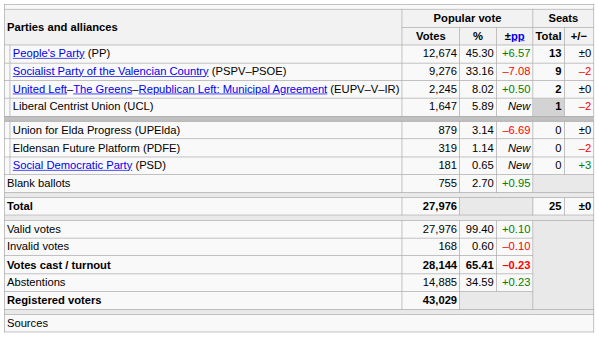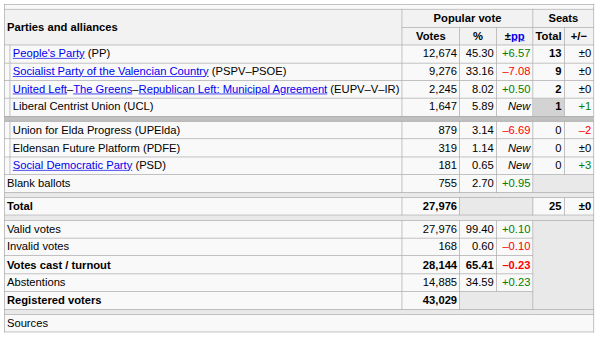 <table class="wikitable" style="text-align:right;">
 <tr>
 <td colspan="7"></td>
 </tr>
 <tr>
 <th style="text-align:left;" rowspan="2" colspan="2" width="525">Parties and alliances</th>
 <th colspan="3">Popular vote</th>
 <th colspan="2">Seats</th>
 </tr>
 <tr>
 <th width="75">Votes</th>
 <th width="45">%</th>
 <th width="45">±<a href='#'>pp</a></th>
 <th width="35">Total</th>
 <th width="35">+/−</th>
 </tr>
 <tr>
 <td width="1" style="color:inherit;background:"></td>
 <td align="left"><a href='#'>People's Party</a> (PP)</td>
 <td>12,674</td>
 <td>45.30</td>
 <td style="color:green;">+6.57</td>
 <td><strong>13</strong></td>
 <td>±0</td>
 </tr>
 <tr>
 <td style="color:inherit;background:"></td>
 <td align="left"><a href='#'>Socialist Party of the Valencian Country</a> (PSPV–PSOE)</td>
 <td>9,276</td>
 <td>33.16</td>
 <td style="color:red;">–7.08</td>
 <td><strong>9</strong></td>
-<td style="color:red;">–2</td>
+<td>±0</td>
 </tr>
 <tr>
 <td style="color:inherit;background:"></td>
 <td align="left"><a href='#'>United Left</a>–<a href='#'>The Greens</a>–<a href='#'>Republican Left: Municipal Agreement</a> (EUPV–V–IR)</td>
 <td>2,245</td>
 <td>8.02</td>
 <td style="color:green;">+0.50</td>
 <td><strong>2</strong></td>
 <td>±0</td>
 </tr>
 <tr>
 <td style="color:inherit;background:"></td>
 <td align="left">Liberal Centrist Union (UCL)</td>
 <td>1,647</td>
 <td>5.89</td>
 <td><em>New</em></td>
 <td style="background: lightgrey;"><strong>1</strong></td>
-<td style="color:red;">–2</td>
+<td style="color:green;">+1</td>
 </tr>
 <tr>
 <td colspan="7" bgcolor="#C0C0C0"></td>
 </tr>
 <tr>
 <td style="color:inherit;background:"></td>
 <td align="left">Union for Elda Progress (UPElda)</td>
 <td>879</td>
 <td>3.14</td>
 <td style="color:red;">–6.69</td>
 <td>0</td>
-<td>±0</td>
+<td style="color:red;">–2</td>
 </tr>
 <tr>
 <td bgcolor="white"></td>
 <td align="left">Eldensan Future Platform (PDFE)</td>
 <td>319</td>
 <td>1.14</td>
 <td><em>New</em></td>
 <td>0</td>
-<td style="color:red;">–2</td>
+<td>±0</td>
 </tr>
 <tr>
 <td style="color:inherit;background:"></td>
 <td align="left"><a href='#'>Social Democratic Party</a> (PSD)</td>
 <td>181</td>
 <td>0.65</td>
 <td><em>New</em></td>
 <td>0</td>
 <td style="color:green;">+3</td>
 </tr>
 <tr>
 <td align="left" colspan="2">Blank ballots</td>
 <td>755</td>
 <td>2.70</td>
 <td style="color:green;">+0.95</td>
 <td bgcolor="#E9E9E9" colspan="2"></td>
 </tr>
 <tr>
 <td colspan="7" bgcolor="#E9E9E9"></td>
 </tr>
 <tr style="font-weight:bold;">
 <td align="left" colspan="2">Total</td>
 <td>27,976</td>
 <td bgcolor="#E9E9E9" colspan="2"></td>
 <td>25</td>
 <td>±0</td>
 </tr>
 <tr>
 <td colspan="7" bgcolor="#E9E9E9"></td>
 </tr>
 <tr>
 <td align="left" colspan="2">Valid votes</td>
 <td>27,976</td>
 <td>99.40</td>
 <td style="color:green;">+0.10</td>
 <td bgcolor="#E9E9E9" colspan="2" rowspan="5"></td>
 </tr>
 <tr>
 <td align="left" colspan="2">Invalid votes</td>
 <td>168</td>
 <td>0.60</td>
 <td style="color:red;">–0.10</td>
 </tr>
 <tr style="font-weight:bold;">
 <td align="left" colspan="2">Votes cast / turnout</td>
 <td>28,144</td>
 <td>65.41</td>
 <td style="color:red;">–0.23</td>
 </tr>
 <tr>
 <td align="left" colspan="2">Abstentions</td>
 <td>14,885</td>
 <td>34.59</td>
 <td style="color:green;">+0.23</td>
 </tr>
 <tr style="font-weight:bold;">
 <td align="left" colspan="2">Registered voters</td>
 <td>43,029</td>
 <td bgcolor="#E9E9E9" colspan="2"></td>
 </tr>
 <tr>
 <td colspan="7" bgcolor="#E9E9E9"></td>
 </tr>
 <tr>
 <td align="left" colspan="7">Sources</td>
 </tr>
 </table>
